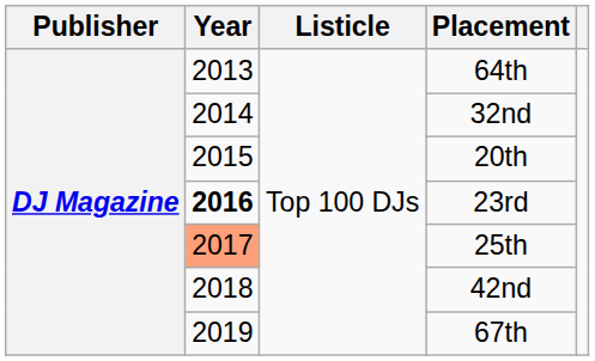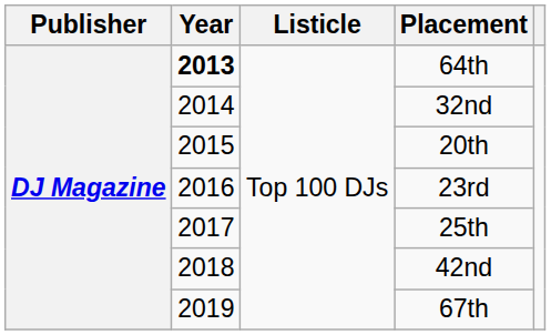 <table class="wikitable plainrowheaders" style="text-align:center">
 <tr>
 <th scope="col">Publisher</th>
 <th scope="col">Year</th>
 <th scope="col">Listicle</th>
 <th scope="col">Placement</th>
 <th scope="col"></th>
 </tr>
 <tr>
 <th rowspan="7" scope="row"><em><a href='#'>DJ Magazine</a></em></th>
-<td>2013</td>
+<td><strong>2013</strong></td>
 <td rowspan="7" style="text-align:left">Top 100 DJs</td>
 <td>64th</td>
 <td rowspan="7"></td>
 </tr>
 <tr>
 <td>2014</td>
 <td>32nd</td>
 </tr>
 <tr>
 <td>2015</td>
 <td>20th</td>
 </tr>
 <tr>
-<td><strong>2016</strong></td>
+<td>2016</td>
 <td>23rd</td>
 </tr>
 <tr>
-<td style="background: lightsalmon;">2017</td>
+<td>2017</td>
 <td>25th</td>
 </tr>
 <tr>
 <td>2018</td>
 <td>42nd</td>
 </tr>
 <tr>
 <td>2019</td>
 <td>67th</td>
 </tr>
 </table>
